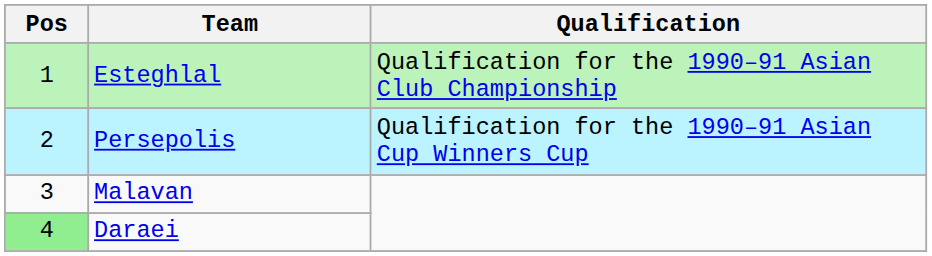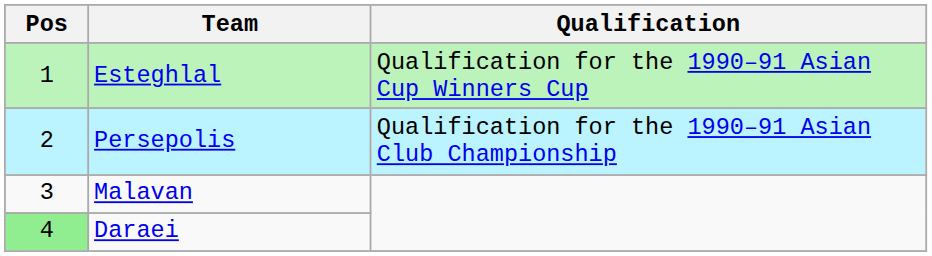 <table class="wikitable" style="text-align:left">
 <tr>
 <th width=40 align=center>Pos</th>
 <th width=150 align=center>Team</th>
 <th width=300 align=center>Qualification</th>
 </tr>
 <tr bgcolor=#BBF3BB>
 <td align=center>1</td>
 <td><a href='#'>Esteghlal</a></td>
-<td>Qualification for the <a href='#'>1990–91 Asian Club Championship</a></td>
+<td>Qualification for the <a href='#'>1990–91 Asian Cup Winners Cup</a></td>
 </tr>
 <tr bgcolor=#BBF3FF>
 <td align=center>2</td>
 <td><a href='#'>Persepolis</a></td>
-<td>Qualification for the <a href='#'>1990–91 Asian Cup Winners Cup</a></td>
+<td>Qualification for the <a href='#'>1990–91 Asian Club Championship</a></td>
 </tr>
 <tr>
 <td align=center>3</td>
 <td><a href='#'>Malavan</a></td>
 <td rowspan=2></td>
 </tr>
 <tr>
 <td align=center style="background: lightgreen;">4</td>
 <td><a href='#'>Daraei</a></td>
 </tr>
 </table>
